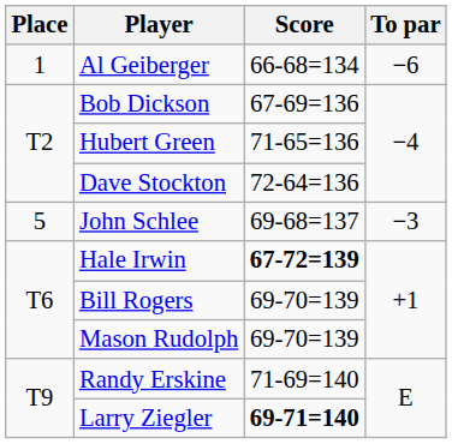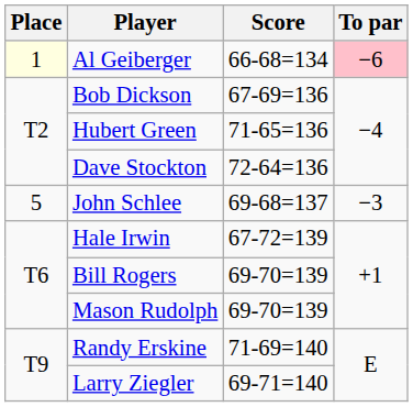 <table class="wikitable">
 <tr>
 <th>Place</th>
 <th>Player</th>
 <th>Score</th>
 <th>To par</th>
 </tr>
 <tr>
-<td align=center>1</td>
+<td align=center style="background: lightyellow;">1</td>
 <td> <a href='#'>Al Geiberger</a></td>
 <td align=center>66-68=134</td>
-<td align=center>−6</td>
+<td align=center style="background: pink;">−6</td>
 </tr>
 <tr>
 <td rowspan=3 align=center>T2</td>
 <td> <a href='#'>Bob Dickson</a></td>
 <td align=center>67-69=136</td>
 <td rowspan=3 align=center>−4</td>
 </tr>
 <tr>
 <td> <a href='#'>Hubert Green</a></td>
 <td align=center>71-65=136</td>
 </tr>
 <tr>
 <td> <a href='#'>Dave Stockton</a></td>
 <td align=center>72-64=136</td>
 </tr>
 <tr>
 <td align=center>5</td>
 <td> <a href='#'>John Schlee</a></td>
 <td align=center>69-68=137</td>
 <td align=center>−3</td>
 </tr>
 <tr>
 <td rowspan=3 align=center>T6</td>
 <td> <a href='#'>Hale Irwin</a></td>
-<td align=center><strong>67-72=139</strong></td>
+<td align=center>67-72=139</td>
 <td rowspan=3 align=center>+1</td>
 </tr>
 <tr>
 <td> <a href='#'>Bill Rogers</a></td>
 <td align=center>69-70=139</td>
 </tr>
 <tr>
 <td> <a href='#'>Mason Rudolph</a></td>
 <td align=center>69-70=139</td>
 </tr>
 <tr>
 <td rowspan=2 align=center>T9</td>
 <td> <a href='#'>Randy Erskine</a></td>
 <td align=center>71-69=140</td>
 <td rowspan=2 align=center>E</td>
 </tr>
 <tr>
 <td> <a href='#'>Larry Ziegler</a></td>
-<td align=center><strong>69-71=140</strong></td>
+<td align=center>69-71=140</td>
 </tr>
 </table>
